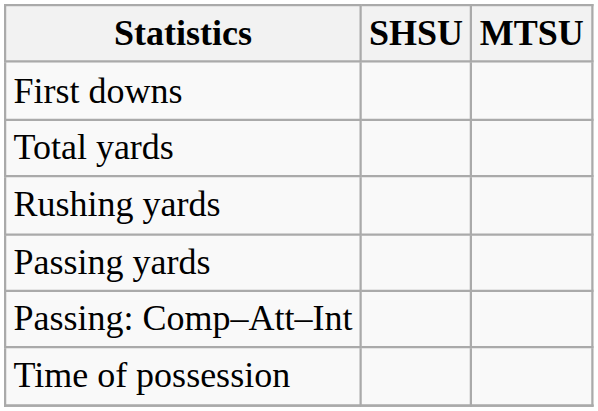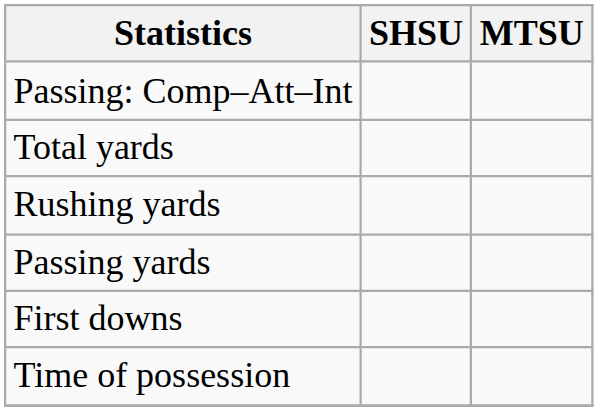 <table class="wikitable" style="float: left;">
 <tr>
 <th>Statistics</th>
 <th>SHSU</th>
 <th>MTSU</th>
 </tr>
 <tr>
-<td>First downs</td>
+<td>Passing: Comp–Att–Int</td>
 <td></td>
 <td></td>
 </tr>
 <tr>
 <td>Total yards</td>
 <td></td>
 <td></td>
 </tr>
 <tr>
 <td>Rushing yards</td>
 <td></td>
 <td></td>
 </tr>
 <tr>
 <td>Passing yards</td>
 <td></td>
 <td></td>
 </tr>
 <tr>
-<td>Passing: Comp–Att–Int</td>
+<td>First downs</td>
 <td></td>
 <td></td>
 </tr>
 <tr>
 <td>Time of possession</td>
 <td></td>
 <td></td>
 </tr>
 <tr>
 </tr>
 </table>
